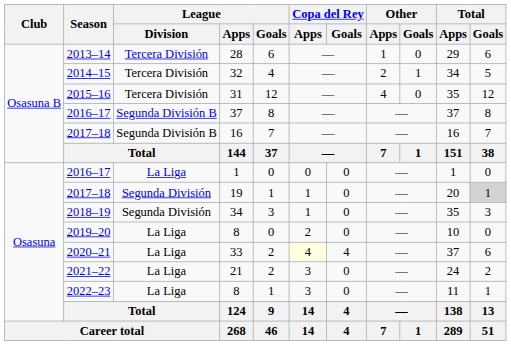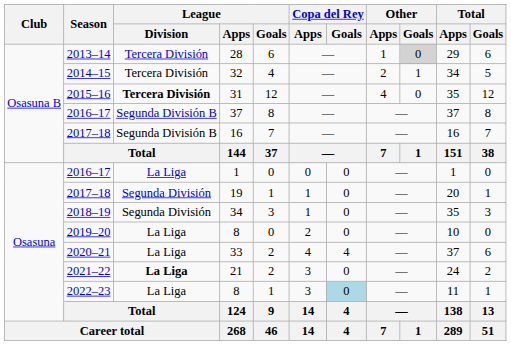 <table class="wikitable" style="text-align:center">
 <tr>
 <th rowspan="2">Club</th>
 <th rowspan="2">Season</th>
 <th colspan="3">League</th>
 <th colspan="2"><a href='#'>Copa del Rey</a></th>
 <th colspan="2">Other</th>
 <th colspan="2">Total</th>
 </tr>
 <tr>
 <th>Division</th>
 <th>Apps</th>
 <th>Goals</th>
 <th>Apps</th>
 <th>Goals</th>
 <th>Apps</th>
 <th>Goals</th>
 <th>Apps</th>
 <th>Goals</th>
 </tr>
 <tr>
 <td rowspan="6"><a href='#'>Osasuna B</a></td>
 <td><a href='#'>2013–14</a></td>
 <td><a href='#'>Tercera División</a></td>
 <td>28</td>
 <td>6</td>
 <td colspan="2">—</td>
 <td>1</td>
-<td>0</td>
+<td style="background: lightgrey;">0</td>
 <td>29</td>
 <td>6</td>
 </tr>
 <tr>
 <td><a href='#'>2014–15</a></td>
 <td>Tercera División</td>
 <td>32</td>
 <td>4</td>
 <td colspan="2">—</td>
 <td>2</td>
 <td>1</td>
 <td>34</td>
 <td>5</td>
 </tr>
 <tr>
 <td><a href='#'>2015–16</a></td>
-<td>Tercera División</td>
+<td><strong>Tercera División</strong></td>
 <td>31</td>
 <td>12</td>
 <td colspan="2">—</td>
 <td>4</td>
 <td>0</td>
 <td>35</td>
 <td>12</td>
 </tr>
 <tr>
 <td><a href='#'>2016–17</a></td>
 <td><a href='#'>Segunda División B</a></td>
 <td>37</td>
 <td>8</td>
 <td colspan="2">—</td>
 <td colspan="2">—</td>
 <td>37</td>
 <td>8</td>
 </tr>
 <tr>
 <td><a href='#'>2017–18</a></td>
 <td>Segunda División B</td>
 <td>16</td>
 <td>7</td>
 <td colspan="2">—</td>
 <td colspan="2">—</td>
 <td>16</td>
 <td>7</td>
 </tr>
 <tr>
 <th colspan="2">Total</th>
 <th>144</th>
 <th>37</th>
 <th colspan="2">—</th>
 <th>7</th>
 <th>1</th>
 <th>151</th>
 <th>38</th>
 </tr>
 <tr>
 <td rowspan="8"><a href='#'>Osasuna</a></td>
 <td><a href='#'>2016–17</a></td>
 <td><a href='#'>La Liga</a></td>
 <td>1</td>
 <td>0</td>
 <td>0</td>
 <td>0</td>
 <td colspan="2">—</td>
 <td>1</td>
 <td>0</td>
 </tr>
 <tr>
 <td><a href='#'>2017–18</a></td>
 <td><a href='#'>Segunda División</a></td>
 <td>19</td>
 <td>1</td>
 <td>1</td>
 <td>0</td>
 <td colspan="2">—</td>
 <td>20</td>
-<td style="background: lightgrey;">1</td>
+<td>1</td>
 </tr>
 <tr>
 <td><a href='#'>2018–19</a></td>
 <td>Segunda División</td>
 <td>34</td>
 <td>3</td>
 <td>1</td>
 <td>0</td>
 <td colspan="2">—</td>
 <td>35</td>
 <td>3</td>
 </tr>
 <tr>
 <td><a href='#'>2019–20</a></td>
 <td>La Liga</td>
 <td>8</td>
 <td>0</td>
 <td>2</td>
 <td>0</td>
 <td colspan="2">—</td>
 <td>10</td>
 <td>0</td>
 </tr>
 <tr>
 <td><a href='#'>2020–21</a></td>
 <td>La Liga</td>
 <td>33</td>
 <td>2</td>
-<td style="background: lightyellow;">4</td>
+<td>4</td>
 <td>4</td>
 <td colspan="2">—</td>
 <td>37</td>
 <td>6</td>
 </tr>
 <tr>
 <td><a href='#'>2021–22</a></td>
-<td>La Liga</td>
+<td><strong>La Liga</strong></td>
 <td>21</td>
 <td>2</td>
 <td>3</td>
 <td>0</td>
 <td colspan="2">—</td>
 <td>24</td>
 <td>2</td>
 </tr>
 <tr>
 <td><a href='#'>2022–23</a></td>
 <td>La Liga</td>
 <td>8</td>
 <td>1</td>
 <td>3</td>
-<td>0</td>
+<td style="background: lightblue;">0</td>
 <td colspan="2">—</td>
 <td>11</td>
 <td>1</td>
 </tr>
 <tr>
 <th colspan="2">Total</th>
 <th>124</th>
 <th>9</th>
 <th>14</th>
 <th>4</th>
 <th colspan="2">—</th>
 <th>138</th>
 <th>13</th>
 </tr>
 <tr>
 <th colspan="3">Career total</th>
 <th>268</th>
 <th>46</th>
 <th>14</th>
 <th>4</th>
 <th>7</th>
 <th>1</th>
 <th>289</th>
 <th>51</th>
 </tr>
 </table>
